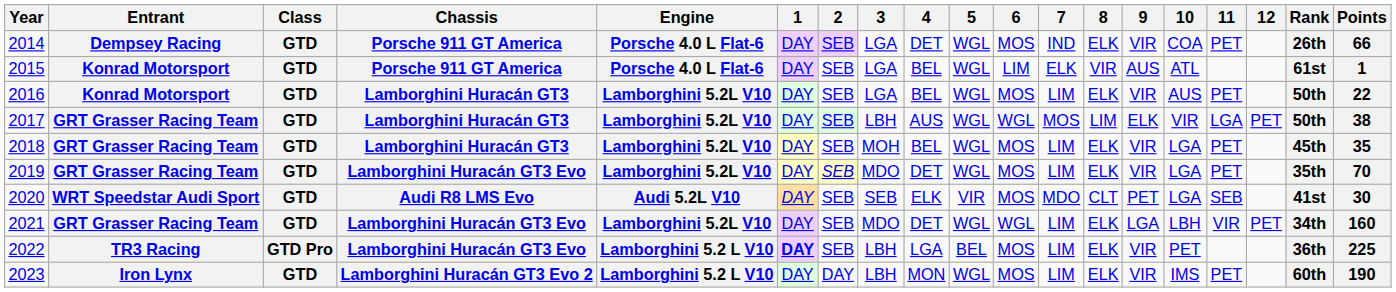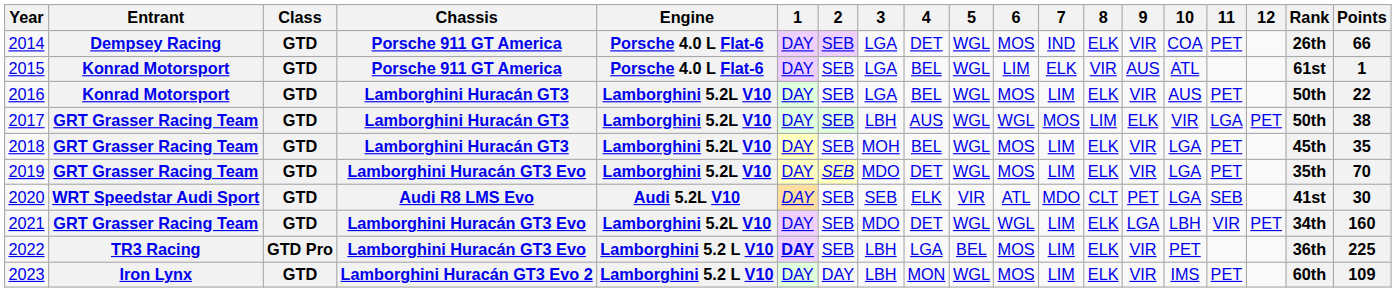 <table class="wikitable" style="text-align:center; font-size:90%">
 <tr>
 <th>Year</th>
 <th>Entrant</th>
 <th>Class</th>
 <th>Chassis</th>
 <th>Engine</th>
 <th>1</th>
 <th>2</th>
 <th>3</th>
 <th>4</th>
 <th>5</th>
 <th>6</th>
 <th>7</th>
 <th>8</th>
 <th>9</th>
 <th>10</th>
 <th>11</th>
 <th>12</th>
 <th>Rank</th>
 <th>Points</th>
 </tr>
 <tr>
 <td><a href='#'>2014</a></td>
 <th><a href='#'>Dempsey Racing</a></th>
 <th>GTD</th>
 <th><a href='#'>Porsche 911 GT America</a></th>
 <th><a href='#'>Porsche</a> 4.0 L <a href='#'>Flat-6</a></th>
 <td style="background:#EFCFFF;"><a href='#'>DAY</a><br></td>
 <td style="background:#EFCFFF;"><a href='#'>SEB</a><br></td>
 <td style="background:#;"><a href='#'>LGA</a> <br></td>
 <td style="background:#;"><a href='#'>DET</a> <br></td>
 <td style="background:#;"><a href='#'>WGL</a> <br></td>
 <td style="background:#;"><a href='#'>MOS</a> <br></td>
 <td style="background:#;"><a href='#'>IND</a> <br></td>
 <td style="background:#;"><a href='#'>ELK</a><br></td>
 <td style="background:#;"><a href='#'>VIR</a> <br></td>
 <td style="background:#;"><a href='#'>COA</a><br></td>
 <td style="background:#;"><a href='#'>PET</a><br></td>
 <td></td>
 <th>26th</th>
 <th>66</th>
 </tr>
 <tr>
 <td><a href='#'>2015</a></td>
 <th><a href='#'>Konrad Motorsport</a></th>
 <th>GTD</th>
 <th><a href='#'>Porsche 911 GT America</a></th>
 <th><a href='#'>Porsche</a> 4.0 L <a href='#'>Flat-6</a></th>
 <td style="background:#EFCFFF;"><a href='#'>DAY</a><br></td>
 <td style="background:#;"><a href='#'>SEB</a><br></td>
 <td style="background:#;”"><a href='#'>LGA</a><br></td>
 <td style="background:#;"><a href='#'>BEL</a><br></td>
 <td style="background:#;"><a href='#'>WGL</a><br></td>
 <td style="background:#;"><a href='#'>LIM</a><br></td>
 <td style="background:#;"><a href='#'>ELK</a><br></td>
 <td style="background:#;"><a href='#'>VIR</a><br></td>
 <td style="background:#;"><a href='#'>AUS</a><br></td>
 <td style="background:#;"><a href='#'>ATL</a><br></td>
 <td></td>
 <td></td>
 <th>61st</th>
 <th>1</th>
 </tr>
 <tr>
 <td><a href='#'>2016</a></td>
 <th><a href='#'>Konrad Motorsport</a></th>
 <th>GTD</th>
 <th><a href='#'>Lamborghini Huracán GT3</a></th>
 <th><a href='#'>Lamborghini</a> 5.2L <a href='#'>V10</a></th>
 <td style="background:#DFFFDF;"><a href='#'>DAY</a><br></td>
 <td style="background:#;"><a href='#'>SEB</a><br></td>
 <td style="background:#;"><a href='#'>LGA</a><br></td>
 <td style="background:#;"><a href='#'>BEL</a><br></td>
 <td style="background:#;"><a href='#'>WGL</a><br></td>
 <td style="background:#;"><a href='#'>MOS</a><br></td>
 <td style="background:#;"><a href='#'>LIM</a><br></td>
 <td style="background:#;"><a href='#'>ELK</a><br></td>
 <td style="background:#;"><a href='#'>VIR</a><br></td>
 <td style="background:#;"><a href='#'>AUS</a><br></td>
 <td style="background:#;"><a href='#'>PET</a><br></td>
 <td></td>
 <th>50th</th>
 <th>22</th>
 </tr>
 <tr>
 <td><a href='#'>2017</a></td>
 <th><a href='#'>GRT Grasser Racing Team</a></th>
 <th>GTD</th>
 <th><a href='#'>Lamborghini Huracán GT3</a></th>
 <th><a href='#'>Lamborghini</a> 5.2L <a href='#'>V10</a></th>
 <td style="background:#DFFFDF;"><a href='#'>DAY</a><br></td>
 <td style="background:#DFFFDF;"><a href='#'>SEB</a><br></td>
 <td style="background:#;"><a href='#'>LBH</a><br></td>
 <td style="background:#;"><a href='#'>AUS</a><br></td>
 <td style="background:#;"><a href='#'>WGL</a><br></td>
 <td style="background:#;"><a href='#'>WGL</a><br></td>
 <td style="background:#;"><a href='#'>MOS</a><br></td>
 <td style="background:#;"><a href='#'>LIM</a><br></td>
 <td style="background:#;"><a href='#'>ELK</a><br></td>
 <td style="background:#;"><a href='#'>VIR</a><br></td>
 <td style="background:#;"><a href='#'>LGA</a><br></td>
 <td style="background:#;"><a href='#'>PET</a><br></td>
 <th>50th</th>
 <th>38</th>
 </tr>
 <tr>
 <td><a href='#'>2018</a></td>
 <th><a href='#'>GRT Grasser Racing Team</a></th>
 <th>GTD</th>
 <th><a href='#'>Lamborghini Huracán GT3</a></th>
 <th><a href='#'>Lamborghini</a> 5.2L <a href='#'>V10</a></th>
 <td style="background:#FFFFBF;"><a href='#'>DAY</a><br></td>
 <td style="background:#;"><a href='#'>SEB</a><br></td>
 <td style="background:#;"><a href='#'>MOH</a><br></td>
 <td style="background:#;"><a href='#'>BEL</a><br></td>
 <td style="background:#;"><a href='#'>WGL</a><br></td>
 <td style="background:#;"><a href='#'>MOS</a><br></td>
 <td style="background:#;"><a href='#'>LIM</a><br></td>
 <td style="background:#;"><a href='#'>ELK</a><br></td>
 <td style="background:#;"><a href='#'>VIR</a><br></td>
 <td style="background:#;"><a href='#'>LGA</a><br></td>
 <td style="background:#;"><a href='#'>PET</a><br></td>
 <td></td>
 <th>45th</th>
 <th>35</th>
 </tr>
 <tr>
 <td><a href='#'>2019</a></td>
 <th><a href='#'>GRT Grasser Racing Team</a></th>
 <th>GTD</th>
 <th><a href='#'>Lamborghini Huracán GT3 Evo</a></th>
 <th><a href='#'>Lamborghini</a> 5.2L <a href='#'>V10</a></th>
 <td style="background:#FFFFBF;"><a href='#'>DAY</a><br></td>
 <td style="background:#FFFFBF;"><em><a href='#'>SEB</a></em><br></td>
 <td style="background:#;"><a href='#'>MDO</a><br></td>
 <td style="background:#;"><a href='#'>DET</a><br></td>
 <td style="background:#;"><a href='#'>WGL</a><br></td>
 <td style="background:#;"><a href='#'>MOS</a><br></td>
 <td style="background:#;"><a href='#'>LIM</a><br></td>
 <td style="background:#;"><a href='#'>ELK</a><br></td>
 <td style="background:#;"><a href='#'>VIR</a><br></td>
 <td style="background:#;"><a href='#'>LGA</a><br></td>
 <td style="background:#;"><a href='#'>PET</a><br></td>
 <td></td>
 <th>35th</th>
 <th>70</th>
 </tr>
 <tr>
 <td><a href='#'>2020</a></td>
 <th><a href='#'>WRT Speedstar Audi Sport</a></th>
 <th>GTD</th>
 <th><a href='#'>Audi R8 LMS Evo</a></th>
 <th><a href='#'>Audi</a> 5.2L <a href='#'>V10</a></th>
 <td style="background:#FFDF9F;"><em><a href='#'>DAY</a></em><br></td>
 <td style="background:#;”"><a href='#'>SEB</a><br></td>
 <td style="background:#;"><a href='#'>SEB</a><br></td>
 <td style="background:#;"><a href='#'>ELK</a><br></td>
 <td style="background:#;"><a href='#'>VIR</a><br></td>
-<td style="background:#;"><a href='#'>MOS</a> <br></td>
+<td style="background:#;"><a href='#'>ATL</a><br></td>
 <td style="background:#;"><a href='#'>MDO</a><br></td>
 <td style="background:#;"><a href='#'>CLT</a><br></td>
 <td style="background:#;"><a href='#'>PET</a><br></td>
 <td style="background:#;"><a href='#'>LGA</a><br></td>
 <td style="background:#;"><a href='#'>SEB</a><br></td>
 <td></td>
 <th>41st</th>
 <th>30</th>
 </tr>
 <tr>
 <td><a href='#'>2021</a></td>
 <th><a href='#'>GRT Grasser Racing Team</a></th>
 <th>GTD</th>
 <th><a href='#'>Lamborghini Huracán GT3 Evo</a></th>
 <th><a href='#'>Lamborghini</a> 5.2L <a href='#'>V10</a></th>
 <td style="background:#EFCFFF;"><a href='#'>DAY</a><br></td>
 <td style="background:#;"><a href='#'>SEB</a><br></td>
 <td style="background:#;"><a href='#'>MDO</a><br></td>
 <td style="background:#;"><a href='#'>DET</a><br></td>
 <td style="background:#;"><a href='#'>WGL</a><br></td>
 <td style="background:#;"><a href='#'>WGL</a><br></td>
 <td style="background:#;"><a href='#'>LIM</a><br></td>
 <td style="background:#;"><a href='#'>ELK</a><br></td>
 <td style="background:#;"><a href='#'>LGA</a><br></td>
 <td style="background:#;"><a href='#'>LBH</a><br></td>
 <td style="background:#;"><a href='#'>VIR</a><br></td>
 <td style="background:#;"><a href='#'>PET</a><br></td>
 <th>34th</th>
 <th>160</th>
 </tr>
 <tr>
 <td><a href='#'>2022</a></td>
 <th><a href='#'>TR3 Racing</a></th>
 <th>GTD Pro</th>
 <th><a href='#'>Lamborghini Huracán GT3 Evo</a></th>
 <th><a href='#'>Lamborghini</a> 5.2 L <a href='#'>V10</a></th>
 <td style="background:#EFCFFF;"><strong><a href='#'>DAY</a></strong><br></td>
 <td style="background:#;"><a href='#'>SEB</a><br></td>
 <td style="background:#;"><a href='#'>LBH</a><br></td>
 <td style="background:#;"><a href='#'>LGA</a><br></td>
 <td style="background:#;"><a href='#'>BEL</a><br></td>
 <td style="background:#;"><a href='#'>MOS</a><br></td>
 <td style="background:#;"><a href='#'>LIM</a><br></td>
 <td style="background:#;”"><a href='#'>ELK</a><br></td>
 <td style="background:#;”"><a href='#'>VIR</a><br></td>
 <td style="background:#;"><a href='#'>PET</a> <br></td>
 <td></td>
 <td></td>
 <th>36th</th>
 <th>225</th>
 </tr>
 <tr>
 <td><a href='#'>2023</a></td>
 <th><a href='#'>Iron Lynx</a></th>
 <th>GTD</th>
 <th><a href='#'>Lamborghini Huracán GT3 Evo 2</a></th>
 <th><a href='#'>Lamborghini</a> 5.2 L <a href='#'>V10</a></th>
 <td style="background:#DFFFDF;"><a href='#'>DAY</a><br></td>
 <td style="background:#;"><a href='#'>DAY</a><br></td>
 <td style="background:#;”"><a href='#'>LBH</a><br></td>
 <td style="background:#;”"><a href='#'>MON</a><br></td>
 <td style="background:#;”"><a href='#'>WGL</a><br></td>
 <td style="background:#;”"><a href='#'>MOS</a><br></td>
 <td style="background:#;”"><a href='#'>LIM</a><br></td>
 <td style="background:#;”"><a href='#'>ELK</a><br></td>
 <td style="background:#;”"><a href='#'>VIR</a><br></td>
 <td style="background:#;”"><a href='#'>IMS</a><br></td>
 <td style="background:#;”"><a href='#'>PET</a><br></td>
 <td></td>
 <th>60th</th>
-<th>190</th>
+<th>109</th>
 </tr>
 </table>
